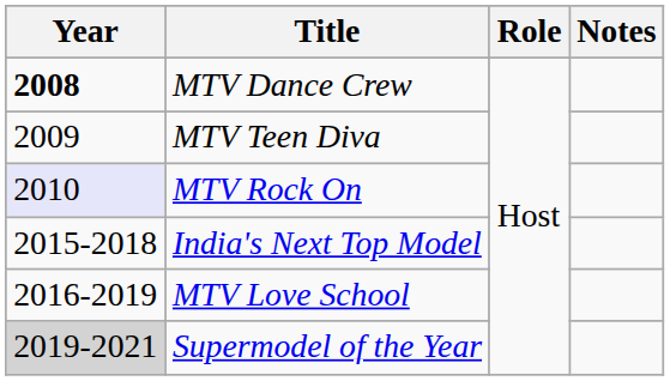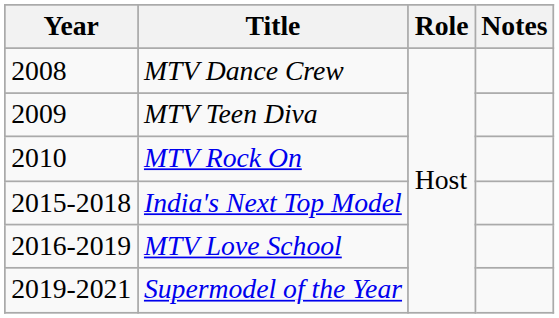 <table class="wikitable">
 <tr>
 <th>Year</th>
 <th>Title</th>
 <th>Role</th>
 <th>Notes</th>
 </tr>
 <tr>
-<td><strong>2008</strong></td>
+<td>2008</td>
 <td><em>MTV Dance Crew</em></td>
 <td rowspan="6">Host</td>
 <td></td>
 </tr>
 <tr>
 <td>2009</td>
 <td><em>MTV Teen Diva</em></td>
 <td></td>
 </tr>
 <tr>
-<td style="background: lavender;">2010</td>
+<td>2010</td>
 <td><em><a href='#'>MTV Rock On</a></em></td>
 <td></td>
 </tr>
 <tr>
 <td>2015-2018</td>
 <td><em><a href='#'>India's Next Top Model</a></em></td>
 <td></td>
 </tr>
 <tr>
 <td>2016-2019</td>
 <td><em><a href='#'>MTV Love School</a></em></td>
 <td></td>
 </tr>
 <tr>
-<td style="background: lightgrey;">2019-2021</td>
+<td>2019-2021</td>
 <td><em><a href='#'>Supermodel of the Year</a></em></td>
 <td></td>
 </tr>
 </table>
